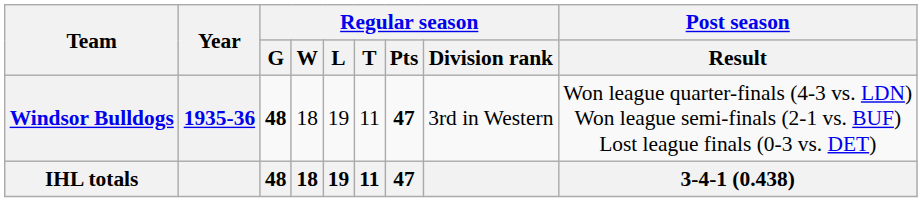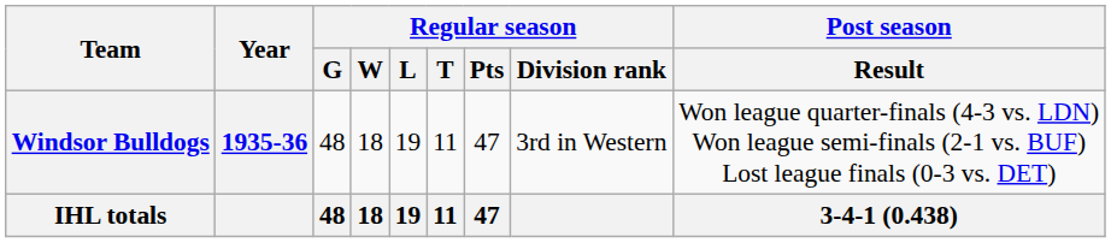 <table class="wikitable" style="font-size: 95%; text-align:center;">
 <tr>
 <th rowspan="2">Team</th>
 <th rowspan="2">Year</th>
 <th colspan="6"><a href='#'>Regular season</a></th>
 <th colspan="1"><a href='#'>Post season</a></th>
 </tr>
 <tr>
 <th>G</th>
 <th>W</th>
 <th>L</th>
 <th>T</th>
 <th>Pts</th>
 <th>Division rank</th>
 <th>Result</th>
 </tr>
 <tr>
 <th><a href='#'>Windsor Bulldogs</a></th>
 <th><a href='#'>1935-36</a></th>
-<td><strong>48</strong></td>
+<td>48</td>
 <td>18</td>
 <td>19</td>
 <td>11</td>
-<td><strong>47</strong></td>
+<td>47</td>
 <td>3rd in Western</td>
 <td>Won league quarter-finals (4-3 vs. <a href='#'>LDN</a>) <br> Won league semi-finals (2-1 vs. <a href='#'>BUF</a>) <br> Lost league finals (0-3 vs. <a href='#'>DET</a>)</td>
 </tr>
 <tr align="centre" bgcolor="#dddddd">
 <th>IHL totals</th>
 <th></th>
 <th>48</th>
 <th>18</th>
 <th>19</th>
 <th>11</th>
 <th>47</th>
 <th></th>
 <th>3-4-1 (0.438)</th>
 </tr>
 </table>
